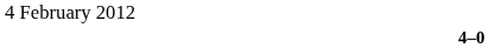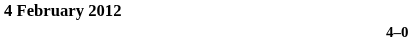 <table width=100% cellspacing=1>
 <tr>
 <th width=25%></th>
 <th width=10%></th>
 <th></th>
 </tr>
 <tr>
-<td>4 February 2012</td>
+<td><strong>4 February 2012</strong></td>
 </tr>
 <tr style=font-size:90%>
 <td align=right><strong></strong></td>
 <td align=center><strong>4–0</strong></td>
 <td><strong></strong></td>
 </tr>
 </table>
